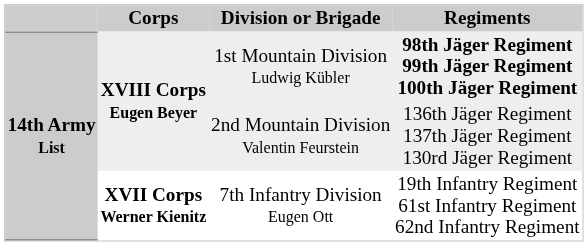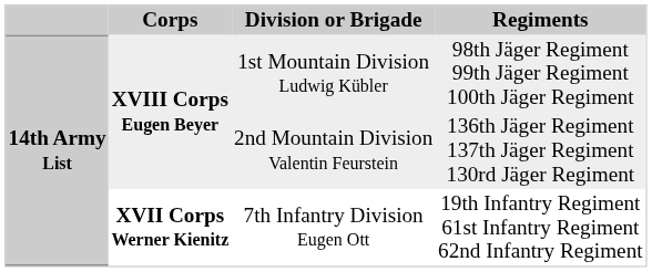 <table border="0" cellspacing="0" cellpadding="2" style="text-align:center;border:1px solid #ccc;">
 <tr>
 <th ROWSPAN=1 style="background:#ccc;"></th>
 <td style="background:#ccc;"><strong>Corps</strong></td>
 <td style="background:#ccc;"><strong>Division or Brigade</strong></td>
 <td style="background:#ccc;"><strong>Regiments</strong></td>
 </tr>
 <tr style="background:#eee;">
 <th ROWSPAN=7 style="background:#ccc; border-top:1px solid gray; border-bottom:1px solid gray;">14th Army <br><small>List</small></th>
 <th ROWSPAN=2>XVIII Corps <br><small>Eugen Beyer</small></th>
 <td>1st Mountain Division <br><small>Ludwig Kübler</small></td>
-<td><strong>98th Jäger Regiment <br> 99th Jäger Regiment <br> 100th Jäger Regiment</strong></td>
+<td>98th Jäger Regiment <br> 99th Jäger Regiment <br> 100th Jäger Regiment</td>
 </tr>
 <tr style="background:#eee;">
 <td>2nd Mountain Division <br><small>Valentin Feurstein</small></td>
 <td>136th Jäger Regiment <br> 137th Jäger Regiment <br> 130rd Jäger Regiment</td>
 </tr>
 <tr>
 <th ROWSPAN=3>XVII Corps <br><small>Werner Kienitz</small></th>
 <td>7th Infantry Division <br><small>Eugen Ott</small></td>
 <td>19th Infantry Regiment <br> 61st Infantry Regiment <br> 62nd Infantry Regiment</td>
 </tr>
 <tr>
 </tr>
 </table>
